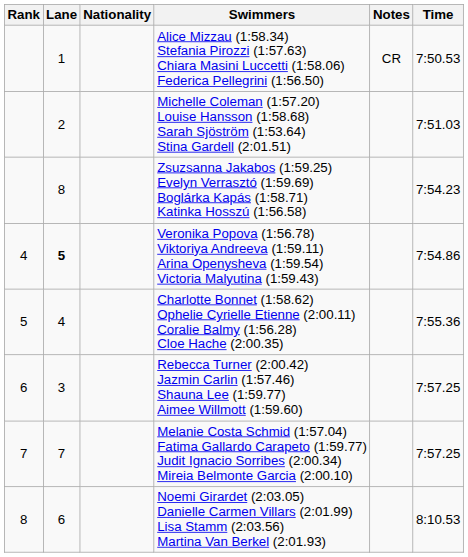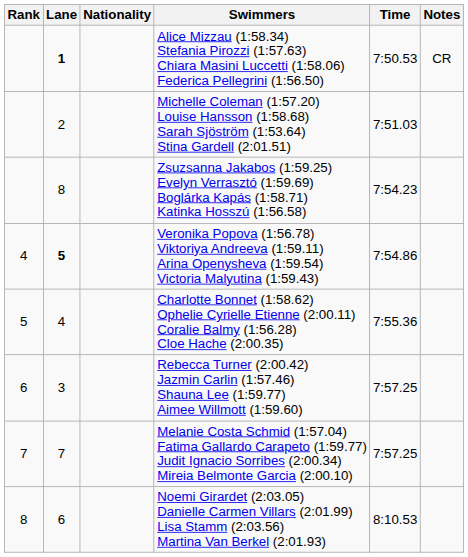 <table class="wikitable sortable" style="text-align:center">
 <tr>
 <th>Rank</th>
 <th>Lane</th>
 <th>Nationality</th>
 <th>Swimmers</th>
+<th>Time</th>
 <th>Notes</th>
-<th>Time</th>
 </tr>
 <tr>
 <td></td>
-<td>1</td>
+<td><strong>1</strong></td>
 <td align=left></td>
 <td align=left><a href='#'>Alice Mizzau</a> (1:58.34)<br><a href='#'>Stefania Pirozzi</a> (1:57.63)<br><a href='#'>Chiara Masini Luccetti</a> (1:58.06)<br><a href='#'>Federica Pellegrini</a> (1:56.50)</td>
+<td>7:50.53</td>
 <td>CR</td>
-<td>7:50.53</td>
 </tr>
 <tr>
 <td></td>
 <td>2</td>
 <td align=left></td>
 <td align=left><a href='#'>Michelle Coleman</a> (1:57.20)<br><a href='#'>Louise Hansson</a> (1:58.68)<br><a href='#'>Sarah Sjöström</a> (1:53.64)<br><a href='#'>Stina Gardell</a> (2:01.51)</td>
+<td>7:51.03</td>
 <td></td>
-<td>7:51.03</td>
 </tr>
 <tr>
 <td></td>
 <td>8</td>
 <td align=left></td>
 <td align=left><a href='#'>Zsuzsanna Jakabos</a> (1:59.25)<br><a href='#'>Evelyn Verrasztó</a> (1:59.69)<br><a href='#'>Boglárka Kapás</a> (1:58.71)<br><a href='#'>Katinka Hosszú</a> (1:56.58)</td>
+<td>7:54.23</td>
 <td></td>
-<td>7:54.23</td>
 </tr>
 <tr>
 <td>4</td>
 <td><strong>5</strong></td>
 <td align=left></td>
 <td align=left><a href='#'>Veronika Popova</a> (1:56.78)<br><a href='#'>Viktoriya Andreeva</a> (1:59.11)<br><a href='#'>Arina Openysheva</a> (1:59.54)<br><a href='#'>Victoria Malyutina</a> (1:59.43)</td>
+<td>7:54.86</td>
 <td></td>
-<td>7:54.86</td>
 </tr>
 <tr>
 <td>5</td>
 <td>4</td>
 <td align=left></td>
 <td align=left><a href='#'>Charlotte Bonnet</a> (1:58.62)<br> <a href='#'>Ophelie Cyrielle Etienne</a> (2:00.11)<br> <a href='#'>Coralie Balmy</a> (1:56.28)<br> <a href='#'>Cloe Hache</a> (2:00.35)</td>
+<td>7:55.36</td>
 <td></td>
-<td>7:55.36</td>
 </tr>
 <tr>
 <td>6</td>
 <td>3</td>
 <td align=left></td>
 <td align=left><a href='#'>Rebecca Turner</a> (2:00.42)<br> <a href='#'>Jazmin Carlin</a> (1:57.46)<br> <a href='#'>Shauna Lee</a> (1:59.77)<br> <a href='#'>Aimee Willmott</a> (1:59.60)</td>
+<td>7:57.25</td>
 <td></td>
-<td>7:57.25</td>
 </tr>
 <tr>
 <td>7</td>
 <td>7</td>
 <td align=left></td>
 <td align=left><a href='#'>Melanie Costa Schmid</a> (1:57.04)<br> <a href='#'>Fatima Gallardo Carapeto</a> (1:59.77)<br> <a href='#'>Judit Ignacio Sorribes</a>  (2:00.34)<br> <a href='#'>Mireia Belmonte Garcia</a> (2:00.10)</td>
+<td>7:57.25</td>
 <td></td>
-<td>7:57.25</td>
 </tr>
 <tr>
 <td>8</td>
 <td>6</td>
 <td align=left></td>
 <td align=left><a href='#'>Noemi Girardet</a> (2:03.05)<br> <a href='#'>Danielle Carmen Villars</a> (2:01.99)<br> <a href='#'>Lisa Stamm</a> (2:03.56)<br> <a href='#'>Martina Van Berkel</a> (2:01.93)</td>
+<td>8:10.53</td>
 <td></td>
-<td>8:10.53</td>
 </tr>
 </table>
